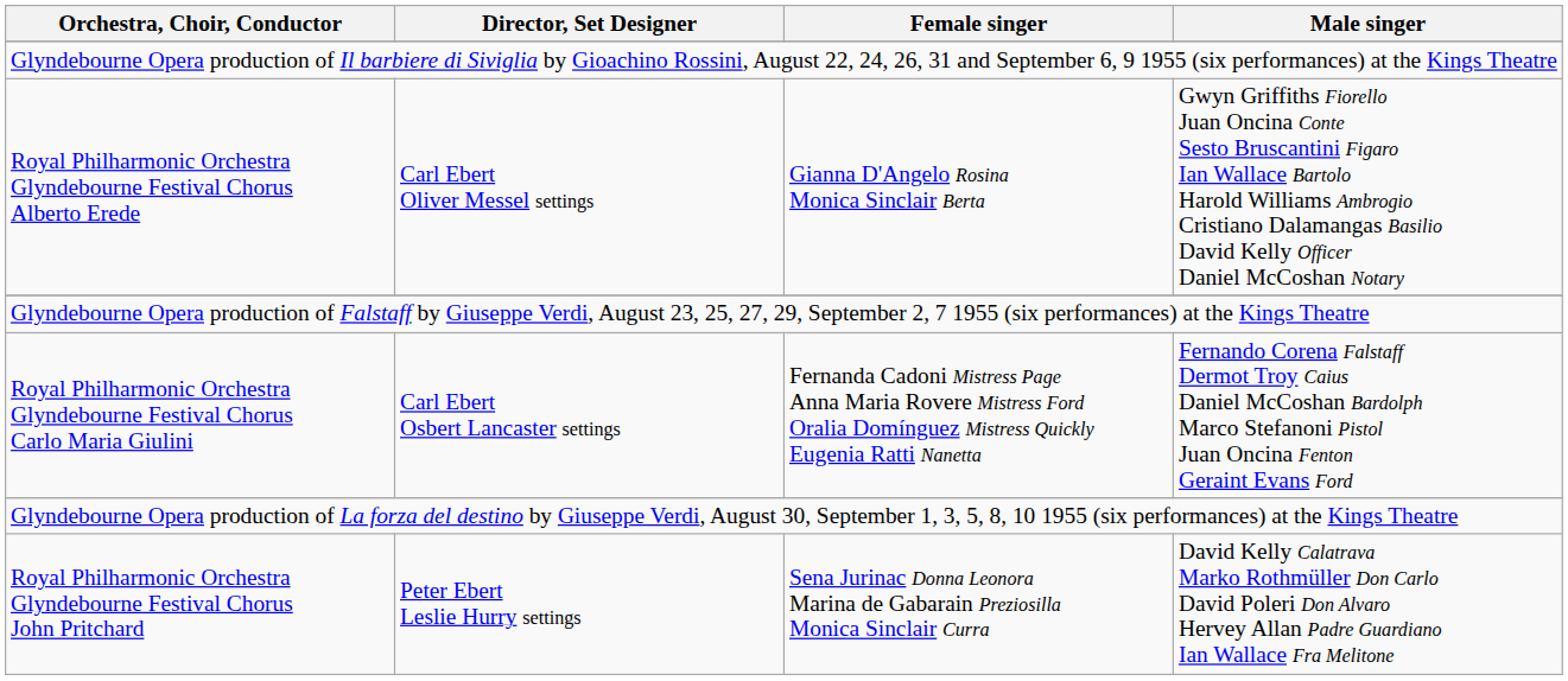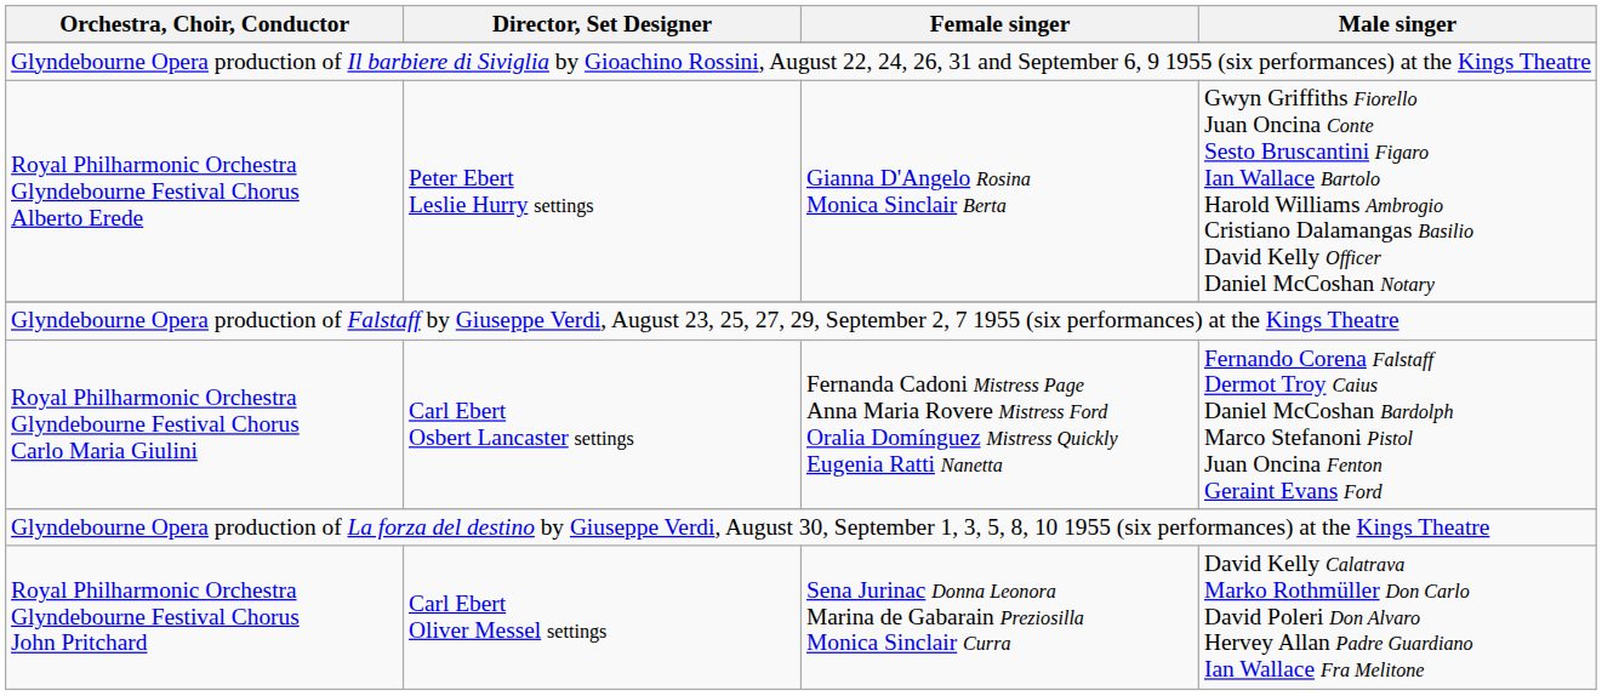 <table class="wikitable toptextcells">
 <tr class="hintergrundfarbe5">
 <th style="width:25%;">Orchestra, Choir, Conductor</th>
 <th style="width:25%;">Director, Set Designer</th>
 <th style="width:25%;">Female singer</th>
 <th style="width:25%;">Male singer</th>
 </tr>
 <tr>
 </tr>
 <tr class="hintergrundfarbe8">
 <td colspan="9"><a href='#'>Glyndebourne Opera</a> production of <em><a href='#'>Il barbiere di Siviglia</a></em> by <a href='#'>Gioachino Rossini</a>, August 22, 24, 26, 31 and September 6, 9 1955 (six performances) at the <a href='#'>Kings Theatre</a></td>
 </tr>
 <tr>
 <td><a href='#'>Royal Philharmonic Orchestra</a><br><a href='#'>Glyndebourne Festival Chorus</a><br><a href='#'>Alberto Erede</a></td>
-<td><a href='#'>Carl Ebert</a><br><a href='#'>Oliver Messel</a> <small>settings</small></td>
+<td><a href='#'>Peter Ebert</a><br><a href='#'>Leslie Hurry</a> <small>settings</small></td>
 <td><a href='#'>Gianna D'Angelo</a> <small><em>Rosina</em></small><br><a href='#'>Monica Sinclair</a> <small><em>Berta</em></small></td>
 <td>Gwyn Griffiths <small><em>Fiorello</em></small><br>Juan Oncina <small><em>Conte</em></small><br><a href='#'>Sesto Bruscantini</a> <small><em>Figaro</em></small><br><a href='#'>Ian Wallace</a> <small><em>Bartolo</em></small><br>Harold Williams <small><em>Ambrogio</em></small><br>Cristiano Dalamangas <small><em>Basilio</em></small><br>David Kelly <small><em>Officer</em></small><br>Daniel McCoshan <small><em>Notary</em></small></td>
 </tr>
 <tr>
 </tr>
 <tr class="hintergrundfarbe8">
 <td colspan="9"><a href='#'>Glyndebourne Opera</a> production of <em><a href='#'>Falstaff</a></em> by <a href='#'>Giuseppe Verdi</a>, August 23, 25, 27, 29, September 2, 7 1955 (six performances) at the <a href='#'>Kings Theatre</a></td>
 </tr>
 <tr>
 <td><a href='#'>Royal Philharmonic Orchestra</a><br><a href='#'>Glyndebourne Festival Chorus</a><br><a href='#'>Carlo Maria Giulini</a></td>
 <td><a href='#'>Carl Ebert</a><br><a href='#'>Osbert Lancaster</a> <small>settings</small></td>
 <td>Fernanda Cadoni <small><em>Mistress Page</em></small><br>Anna Maria Rovere <small><em>Mistress Ford</em></small><br><a href='#'>Oralia Domínguez</a> <small><em>Mistress Quickly</em></small><br><a href='#'>Eugenia Ratti</a> <small><em>Nanetta</em></small></td>
 <td><a href='#'>Fernando Corena</a> <small><em>Falstaff</em></small><br><a href='#'>Dermot Troy</a> <small><em>Caius</em></small><br>Daniel McCoshan <small><em>Bardolph</em></small><br>Marco Stefanoni <small><em>Pistol</em></small><br>Juan Oncina <small><em>Fenton</em></small><br><a href='#'>Geraint Evans</a> <small><em>Ford</em></small></td>
 </tr>
 <tr>
 </tr>
 <tr class="hintergrundfarbe8">
 <td colspan="9"><a href='#'>Glyndebourne Opera</a> production of <em><a href='#'>La forza del destino</a></em> by <a href='#'>Giuseppe Verdi</a>, August 30, September 1, 3, 5, 8, 10 1955 (six performances) at the <a href='#'>Kings Theatre</a></td>
 </tr>
 <tr>
 <td><a href='#'>Royal Philharmonic Orchestra</a><br><a href='#'>Glyndebourne Festival Chorus</a><br><a href='#'>John Pritchard</a></td>
-<td><a href='#'>Peter Ebert</a><br><a href='#'>Leslie Hurry</a> <small>settings</small></td>
+<td><a href='#'>Carl Ebert</a><br><a href='#'>Oliver Messel</a> <small>settings</small></td>
 <td><a href='#'>Sena Jurinac</a> <small><em>Donna Leonora</em></small><br>Marina de Gabarain <small><em>Preziosilla</em></small><br><a href='#'>Monica Sinclair</a> <small><em>Curra</em></small></td>
 <td>David Kelly <small><em>Calatrava</em></small><br><a href='#'>Marko Rothmüller</a> <small><em>Don Carlo</em></small><br>David Poleri <small><em>Don Alvaro</em></small><br>Hervey Allan <small><em>Padre Guardiano</em></small><br><a href='#'>Ian Wallace</a> <small><em>Fra Melitone</em></small></td>
 </tr>
 </table>
